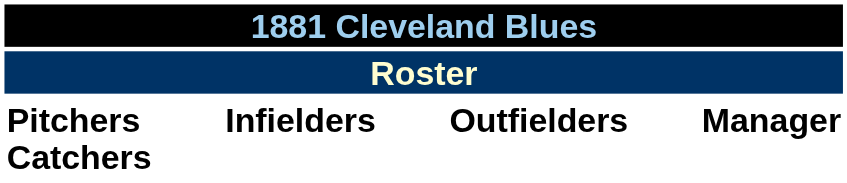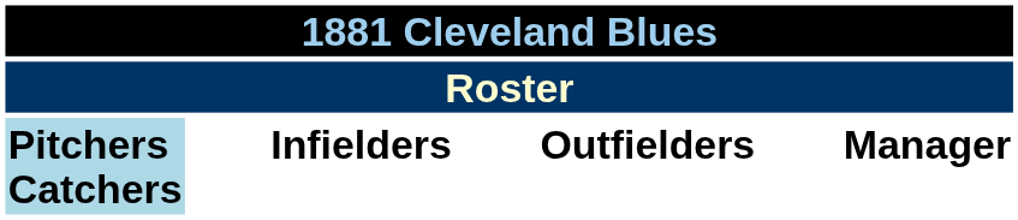 <table class="toccolours" style="font-size: 95%;">
 <tr>
 <th colspan="10" style="background-color: #000000; color: #9ECEEE; text-align: center;">1881 Cleveland Blues</th>
 </tr>
 <tr>
 <td colspan="10" style="background-color: #003366; color: #FFFDD0; text-align: center;"><strong>Roster</strong></td>
 </tr>
 <tr>
-<td valign="top"><strong>Pitchers</strong><br>  <strong>Catchers</strong>    </td>
+<td valign="top" style="background: lightblue;"><strong>Pitchers</strong><br>  <strong>Catchers</strong>    </td>
 <td width="25px"></td>
 <td valign="top"><strong>Infielders</strong><br>      </td>
 <td width="25px"></td>
 <td valign="top"><strong>Outfielders</strong><br>    </td>
 <td width="25px"></td>
 <td valign="top"><strong>Manager</strong><br> </td>
 </tr>
 </table>
